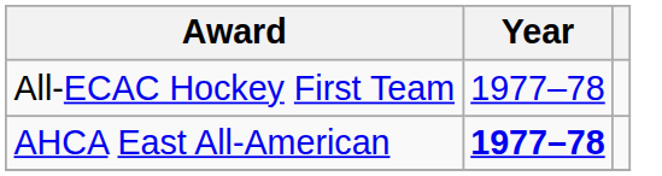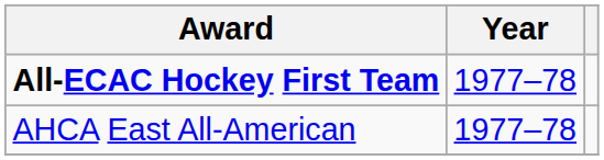 <table class="wikitable">
 <tr>
 <th>Award</th>
 <th>Year</th>
 <th></th>
 </tr>
 <tr>
-<td>All-<a href='#'>ECAC Hockey</a> <a href='#'>First Team</a></td>
+<td><strong>All-<a href='#'>ECAC Hockey</a> <a href='#'>First Team</a></strong></td>
 <td><a href='#'>1977–78</a></td>
 <td></td>
 </tr>
 <tr>
 <td><a href='#'>AHCA</a> <a href='#'>East All-American</a></td>
-<td><strong><a href='#'>1977–78</a></strong></td>
+<td><a href='#'>1977–78</a></td>
 <td></td>
 </tr>
 <tr>
 </tr>
 </table>
